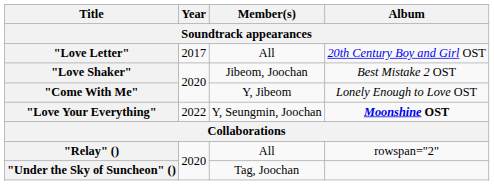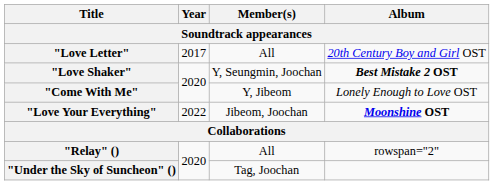 <table class="wikitable plainrowheaders" style="text-align:center">
 <tr>
 <th scope="col">Title</th>
 <th scope="col">Year</th>
 <th scope="col">Member(s)</th>
 <th scope="col">Album</th>
 </tr>
 <tr>
 <th colspan="6">Soundtrack appearances</th>
 </tr>
 <tr>
 <th scope="row">"Love Letter"</th>
 <td>2017</td>
 <td>All</td>
 <td><em><a href='#'>20th Century Boy and Girl</a></em> OST</td>
 </tr>
 <tr>
 <th scope="row">"Love Shaker"</th>
 <td rowspan="2">2020</td>
-<td>Jibeom, Joochan</td>
-<td><em>Best Mistake 2</em> OST</td>
+<td>Y, Seungmin, Joochan</td>
+<td><strong><em>Best Mistake 2</em> OST</strong></td>
 </tr>
 <tr>
 <th scope="row">"Come With Me"</th>
 <td>Y, Jibeom</td>
 <td><em>Lonely Enough to Love</em> OST</td>
 </tr>
 <tr>
 <th scope="row">"Love Your Everything"</th>
 <td>2022</td>
-<td>Y, Seungmin, Joochan</td>
+<td>Jibeom, Joochan</td>
 <td><strong><em><a href='#'>Moonshine</a></em> OST</strong></td>
 </tr>
 <tr>
 <th colspan="6">Collaborations</th>
 </tr>
 <tr>
 <th scope="row">"Relay" ()<br></th>
 <td rowspan="2">2020</td>
 <td>All</td>
 <td>rowspan="2" </td>
 </tr>
 <tr>
 <th scope="row">"Under the Sky of Suncheon" ()<br></th>
 <td>Tag, Joochan</td>
 </tr>
 </table>
